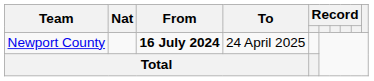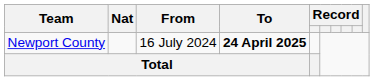 <table class="wikitable" style="text-align: center">
 <tr>
 <th rowspan="2">Team</th>
 <th rowspan="2">Nat</th>
 <th rowspan="2">From</th>
 <th rowspan="2">To</th>
 <th colspan="5">Record</th>
 <th rowspan="2"></th>
 </tr>
 <tr>
 <th></th>
 <th></th>
 <th></th>
 <th></th>
 <th></th>
 </tr>
 <tr>
 <td align=left><a href='#'>Newport County</a></td>
 <td></td>
-<td align=left><strong>16 July 2024</strong></td>
-<td align=left>24 April 2025<br></td>
+<td align=left>16 July 2024</td>
+<td align=left><strong>24 April 2025<br></strong></td>
 <td></td>
 </tr>
 <tr>
 <th colspan="4">Total<br></th>
 <th></th>
 </tr>
 </table>
